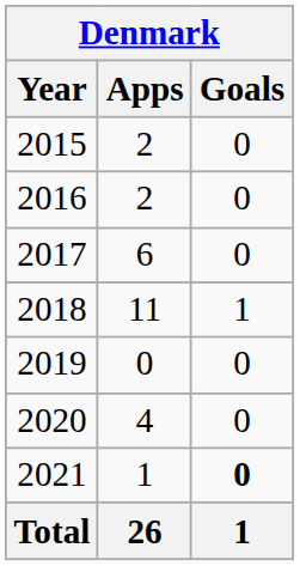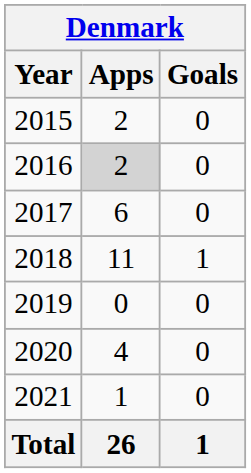 <table class="wikitable" style="text-align:center">
 <tr>
 <th colspan=3><a href='#'>Denmark</a></th>
 </tr>
 <tr>
 <th>Year</th>
 <th>Apps</th>
 <th>Goals</th>
 </tr>
 <tr>
 <td>2015</td>
 <td>2</td>
 <td>0</td>
 </tr>
 <tr>
 <td>2016</td>
-<td>2</td>
+<td style="background: lightgrey;">2</td>
 <td>0</td>
 </tr>
 <tr>
 <td>2017</td>
 <td>6</td>
 <td>0</td>
 </tr>
 <tr>
 <td>2018</td>
 <td>11</td>
 <td>1</td>
 </tr>
 <tr>
 <td>2019</td>
 <td>0</td>
 <td>0</td>
 </tr>
 <tr>
 <td>2020</td>
 <td>4</td>
 <td>0</td>
 </tr>
 <tr>
 <td>2021</td>
 <td>1</td>
-<td><strong>0</strong></td>
+<td>0</td>
 </tr>
 <tr>
 <th>Total</th>
 <th>26</th>
 <th>1</th>
 </tr>
 </table>
